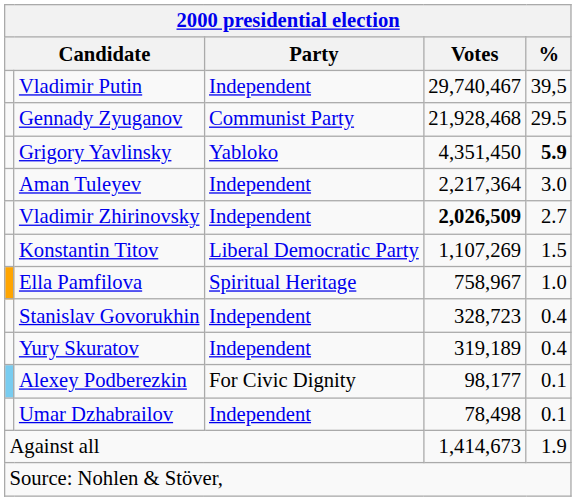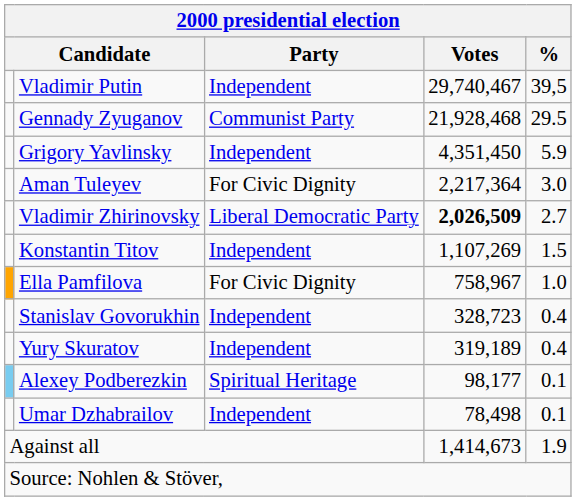 <table class=wikitable style=text-align:right>
 <tr>
 <th colspan=5><a href='#'>2000 presidential election</a></th>
 </tr>
 <tr>
 <th colspan=2>Candidate</th>
 <th>Party</th>
 <th>Votes</th>
 <th>%</th>
 </tr>
 <tr>
 <td style="background-color: "></td>
 <td align=left><a href='#'>Vladimir Putin</a></td>
 <td align=left><a href='#'>Independent</a></td>
 <td>29,740,467</td>
 <td>39,5</td>
 </tr>
 <tr>
 <td style="background-color: "></td>
 <td align=left><a href='#'>Gennady Zyuganov</a></td>
 <td align=left><a href='#'>Communist Party</a></td>
 <td>21,928,468</td>
 <td>29.5</td>
 </tr>
 <tr>
 <td style="background-color: "></td>
 <td align=left><a href='#'>Grigory Yavlinsky</a></td>
-<td align=left><a href='#'>Yabloko</a></td>
+<td align=left><a href='#'>Independent</a></td>
 <td>4,351,450</td>
-<td><strong>5.9</strong></td>
+<td>5.9</td>
 </tr>
 <tr>
 <td style="background-color: "></td>
 <td align=left><a href='#'>Aman Tuleyev</a></td>
-<td align=left><a href='#'>Independent</a></td>
+<td align=left>For Civic Dignity</td>
 <td>2,217,364</td>
 <td>3.0</td>
 </tr>
 <tr>
 <td style="background-color: "></td>
 <td align=left><a href='#'>Vladimir Zhirinovsky</a></td>
-<td align=left><a href='#'>Independent</a></td>
+<td align=left><a href='#'>Liberal Democratic Party</a></td>
 <td><strong>2,026,509</strong></td>
 <td>2.7</td>
 </tr>
 <tr>
 <td style="background-color: "></td>
 <td align=left><a href='#'>Konstantin Titov</a></td>
-<td align=left><a href='#'>Liberal Democratic Party</a></td>
+<td align=left><a href='#'>Independent</a></td>
 <td>1,107,269</td>
 <td>1.5</td>
 </tr>
 <tr>
 <td style="background-color: #ffa500"></td>
 <td align=left><a href='#'>Ella Pamfilova</a></td>
-<td align=left><a href='#'>Spiritual Heritage</a></td>
+<td align=left>For Civic Dignity</td>
 <td>758,967</td>
 <td>1.0</td>
 </tr>
 <tr>
 <td style="background-color: "></td>
 <td align=left><a href='#'>Stanislav Govorukhin</a></td>
 <td align=left><a href='#'>Independent</a></td>
 <td>328,723</td>
 <td>0.4</td>
 </tr>
 <tr>
 <td style="background-color: "></td>
 <td align=left><a href='#'>Yury Skuratov</a></td>
 <td align=left><a href='#'>Independent</a></td>
 <td>319,189</td>
 <td>0.4</td>
 </tr>
 <tr>
 <td style="background-color: #78ccf0"></td>
 <td align=left><a href='#'>Alexey Podberezkin</a></td>
-<td align=left>For Civic Dignity</td>
+<td align=left><a href='#'>Spiritual Heritage</a></td>
 <td>98,177</td>
 <td>0.1</td>
 </tr>
 <tr>
 <td style="background-color: "></td>
 <td align=left><a href='#'>Umar Dzhabrailov</a></td>
 <td align=left><a href='#'>Independent</a></td>
 <td>78,498</td>
 <td>0.1</td>
 </tr>
 <tr>
 <td align=left colspan=3>Against all</td>
 <td>1,414,673</td>
 <td>1.9</td>
 </tr>
 <tr>
 <td align=left colspan=5>Source: Nohlen & Stöver, </td>
 </tr>
 </table>
